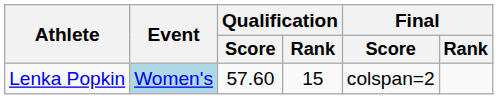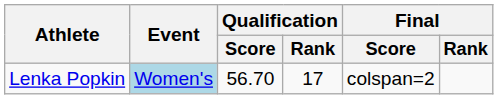 <table class="wikitable" style="font-size:90%">
 <tr>
 <th rowspan="2">Athlete</th>
 <th rowspan="2">Event</th>
 <th colspan="2">Qualification</th>
 <th colspan="2">Final</th>
 </tr>
 <tr style="font-size:95%">
 <th>Score</th>
 <th>Rank</th>
 <th>Score</th>
 <th>Rank</th>
 </tr>
 <tr align=center>
 <td align=left><a href='#'>Lenka Popkin</a></td>
 <td align=left style="background: lightblue;"><a href='#'>Women's</a></td>
-<td>57.60</td>
-<td>15</td>
+<td>56.70</td>
+<td>17</td>
 <td>colspan=2 </td>
 </tr>
 </table>
